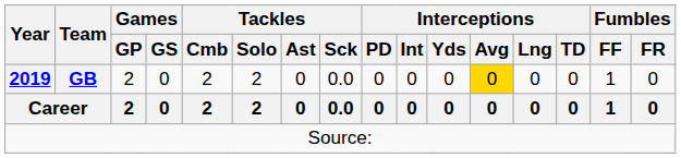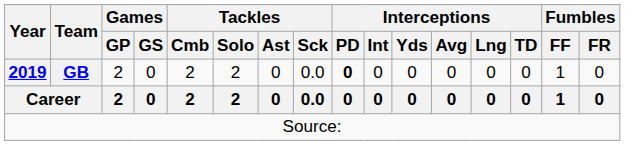 <table class="wikitable" style="text-align:center;">
 <tr>
 <th rowspan="2">Year</th>
 <th rowspan="2">Team</th>
 <th colspan="2">Games</th>
 <th colspan="4">Tackles</th>
 <th colspan="6">Interceptions</th>
 <th colspan="2">Fumbles</th>
 </tr>
 <tr>
 <th>GP</th>
 <th>GS</th>
 <th>Cmb</th>
 <th>Solo</th>
 <th>Ast</th>
 <th>Sck</th>
 <th>PD</th>
 <th>Int</th>
 <th>Yds</th>
 <th>Avg</th>
 <th>Lng</th>
 <th>TD</th>
 <th>FF</th>
 <th>FR</th>
 </tr>
 <tr>
 <th><a href='#'>2019</a></th>
 <th><a href='#'>GB</a></th>
 <td>2</td>
 <td>0</td>
 <td>2</td>
 <td>2</td>
 <td>0</td>
 <td>0.0</td>
+<td><strong>0</strong></td>
 <td>0</td>
 <td>0</td>
 <td>0</td>
-<td style="background: gold;">0</td>
 <td>0</td>
 <td>0</td>
 <td>1</td>
 <td>0</td>
 </tr>
 <tr>
 <th colspan="2">Career</th>
 <th>2</th>
 <th>0</th>
 <th>2</th>
 <th>2</th>
 <th>0</th>
 <th>0.0</th>
 <th>0</th>
 <th>0</th>
 <th>0</th>
 <th>0</th>
 <th>0</th>
 <th>0</th>
 <th>1</th>
 <th>0</th>
 </tr>
 <tr>
 <td colspan="18">Source: </td>
 </tr>
 </table>
